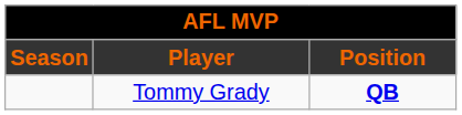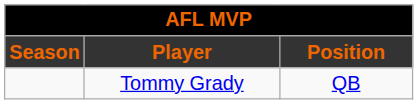 <table class="wikitable sortable" style="text-align:center">
 <tr>
 <td colspan="4" style="background:#000; color:#e60;"><strong>AFL MVP</strong></td>
 </tr>
 <tr>
 <th style="width:50px; background:#333; color:#e60;">Season</th>
 <th style="width:150px; background:#333; color:#e60;">Player</th>
 <th style="width:100px; background:#333; color:#e60;">Position</th>
 </tr>
 <tr>
 <td></td>
 <td><a href='#'>Tommy Grady</a></td>
-<td><strong><a href='#'>QB</a></strong></td>
+<td><a href='#'>QB</a></td>
 </tr>
 </table>
